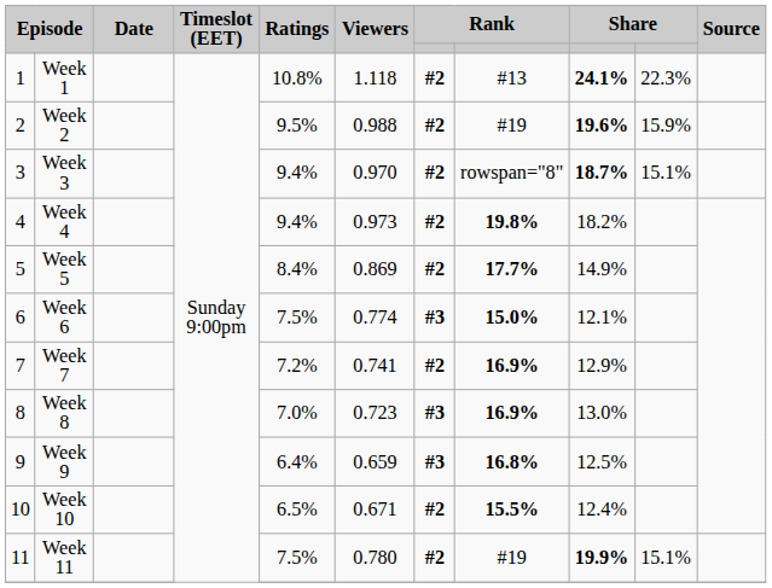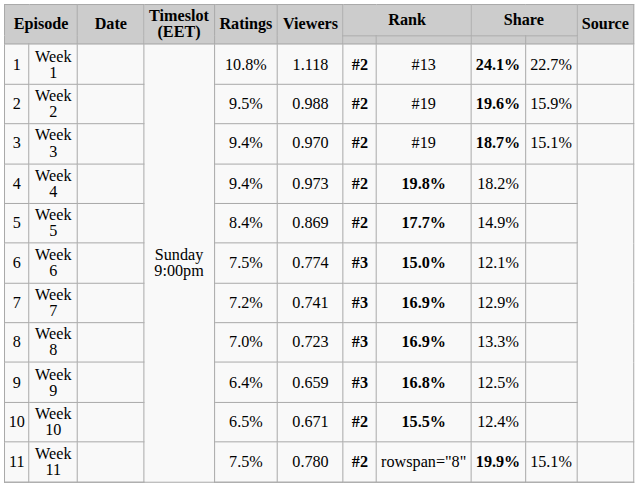 <table class="wikitable" style="text-align:center; background:#f9f9f9; line-height:16px;" width="100%">
 <tr>
 <th style="background:#ccc; color:#yyy;" width="10%" colspan="2" rowspan="2">Episode</th>
 <th style="background:#ccc; color:#yyy;" width="10%" rowspan="2">Date</th>
 <th style="background:#ccc; color:#yyy;" width="08%" rowspan="2">Timeslot (EET)</th>
 <th style="background:#ccc; color:#yyy;" width="09%" rowspan="2">Ratings</th>
 <th style="background:#ccc; color:#yyy;" width="09%" rowspan="2">Viewers<br><small></small></th>
 <th style="background:#ccc; color:#yyy;" width="10%" colspan="2">Rank</th>
 <th style="background:#ccc; color:#yyy;" width="14%" colspan="2">Share</th>
 <th style="background:#ccc; color:#yyy;" width="6%" rowspan="2">Source</th>
 </tr>
 <tr style="font-size:85%;">
 <th style="background:#ccc; color:#yyy;" width="05%"></th>
 <th style="background:#ccc; color:#yyy;" width="05%"></th>
 <th style="background:#ccc; color:#yyy;" width="07%"></th>
 <th style="background:#ccc; color:#yyy;" width="07%"></th>
 </tr>
 <tr>
 <td>1</td>
 <td>Week 1</td>
 <td></td>
 <td rowspan="12">Sunday 9:00pm</td>
 <td>10.8%</td>
 <td>1.118</td>
 <td><strong>#2</strong></td>
 <td>#13</td>
 <td><strong>24.1%</strong></td>
-<td>22.3%</td>
+<td>22.7%</td>
 <td></td>
 </tr>
 <tr>
 <td>2</td>
 <td>Week 2</td>
 <td></td>
 <td>9.5%</td>
 <td>0.988</td>
 <td><strong>#2</strong></td>
 <td>#19</td>
 <td><strong>19.6%</strong></td>
 <td>15.9%</td>
 <td></td>
 </tr>
 <tr>
 <td>3</td>
 <td>Week 3</td>
 <td></td>
 <td>9.4%</td>
 <td>0.970</td>
 <td><strong>#2</strong></td>
-<td>rowspan="8" </td>
+<td>#19</td>
 <td><strong>18.7%</strong></td>
 <td>15.1%</td>
 <td></td>
 </tr>
 <tr>
 <td>4</td>
 <td>Week 4</td>
 <td></td>
 <td>9.4%</td>
 <td>0.973</td>
 <td><strong>#2</strong></td>
 <td><strong>19.8%</strong></td>
 <td>18.2%</td>
 <td></td>
 </tr>
 <tr>
 <td>5</td>
 <td>Week 5</td>
 <td></td>
 <td>8.4%</td>
 <td>0.869</td>
 <td><strong>#2</strong></td>
 <td><strong>17.7%</strong></td>
 <td>14.9%</td>
 <td></td>
 </tr>
 <tr>
 <td>6</td>
 <td>Week 6</td>
 <td></td>
 <td>7.5%</td>
 <td>0.774</td>
 <td><strong>#3</strong></td>
 <td><strong>15.0%</strong></td>
 <td>12.1%</td>
 <td></td>
 </tr>
 <tr>
 <td>7</td>
 <td>Week 7</td>
 <td></td>
 <td>7.2%</td>
 <td>0.741</td>
-<td><strong>#2</strong></td>
+<td><strong>#3</strong></td>
 <td><strong>16.9%</strong></td>
 <td>12.9%</td>
 <td></td>
 </tr>
 <tr>
 <td>8</td>
 <td>Week 8</td>
 <td></td>
 <td>7.0%</td>
 <td>0.723</td>
 <td><strong>#3</strong></td>
 <td><strong>16.9%</strong></td>
-<td>13.0%</td>
+<td>13.3%</td>
 <td></td>
 </tr>
 <tr>
 <td>9</td>
 <td>Week 9</td>
 <td></td>
 <td>6.4%</td>
 <td>0.659</td>
 <td><strong>#3</strong></td>
 <td><strong>16.8%</strong></td>
 <td>12.5%</td>
 <td></td>
 </tr>
 <tr>
 <td>10</td>
 <td>Week 10</td>
 <td></td>
 <td>6.5%</td>
 <td>0.671</td>
 <td><strong>#2</strong></td>
 <td><strong>15.5%</strong></td>
 <td>12.4%</td>
 <td></td>
 </tr>
 <tr>
 <td>11</td>
 <td>Week 11</td>
 <td></td>
 <td>7.5%</td>
 <td>0.780</td>
 <td><strong>#2</strong></td>
-<td>#19</td>
+<td>rowspan="8" </td>
 <td><strong>19.9%</strong></td>
 <td>15.1%</td>
 <td></td>
 </tr>
 <tr>
 </tr>
 </table>
